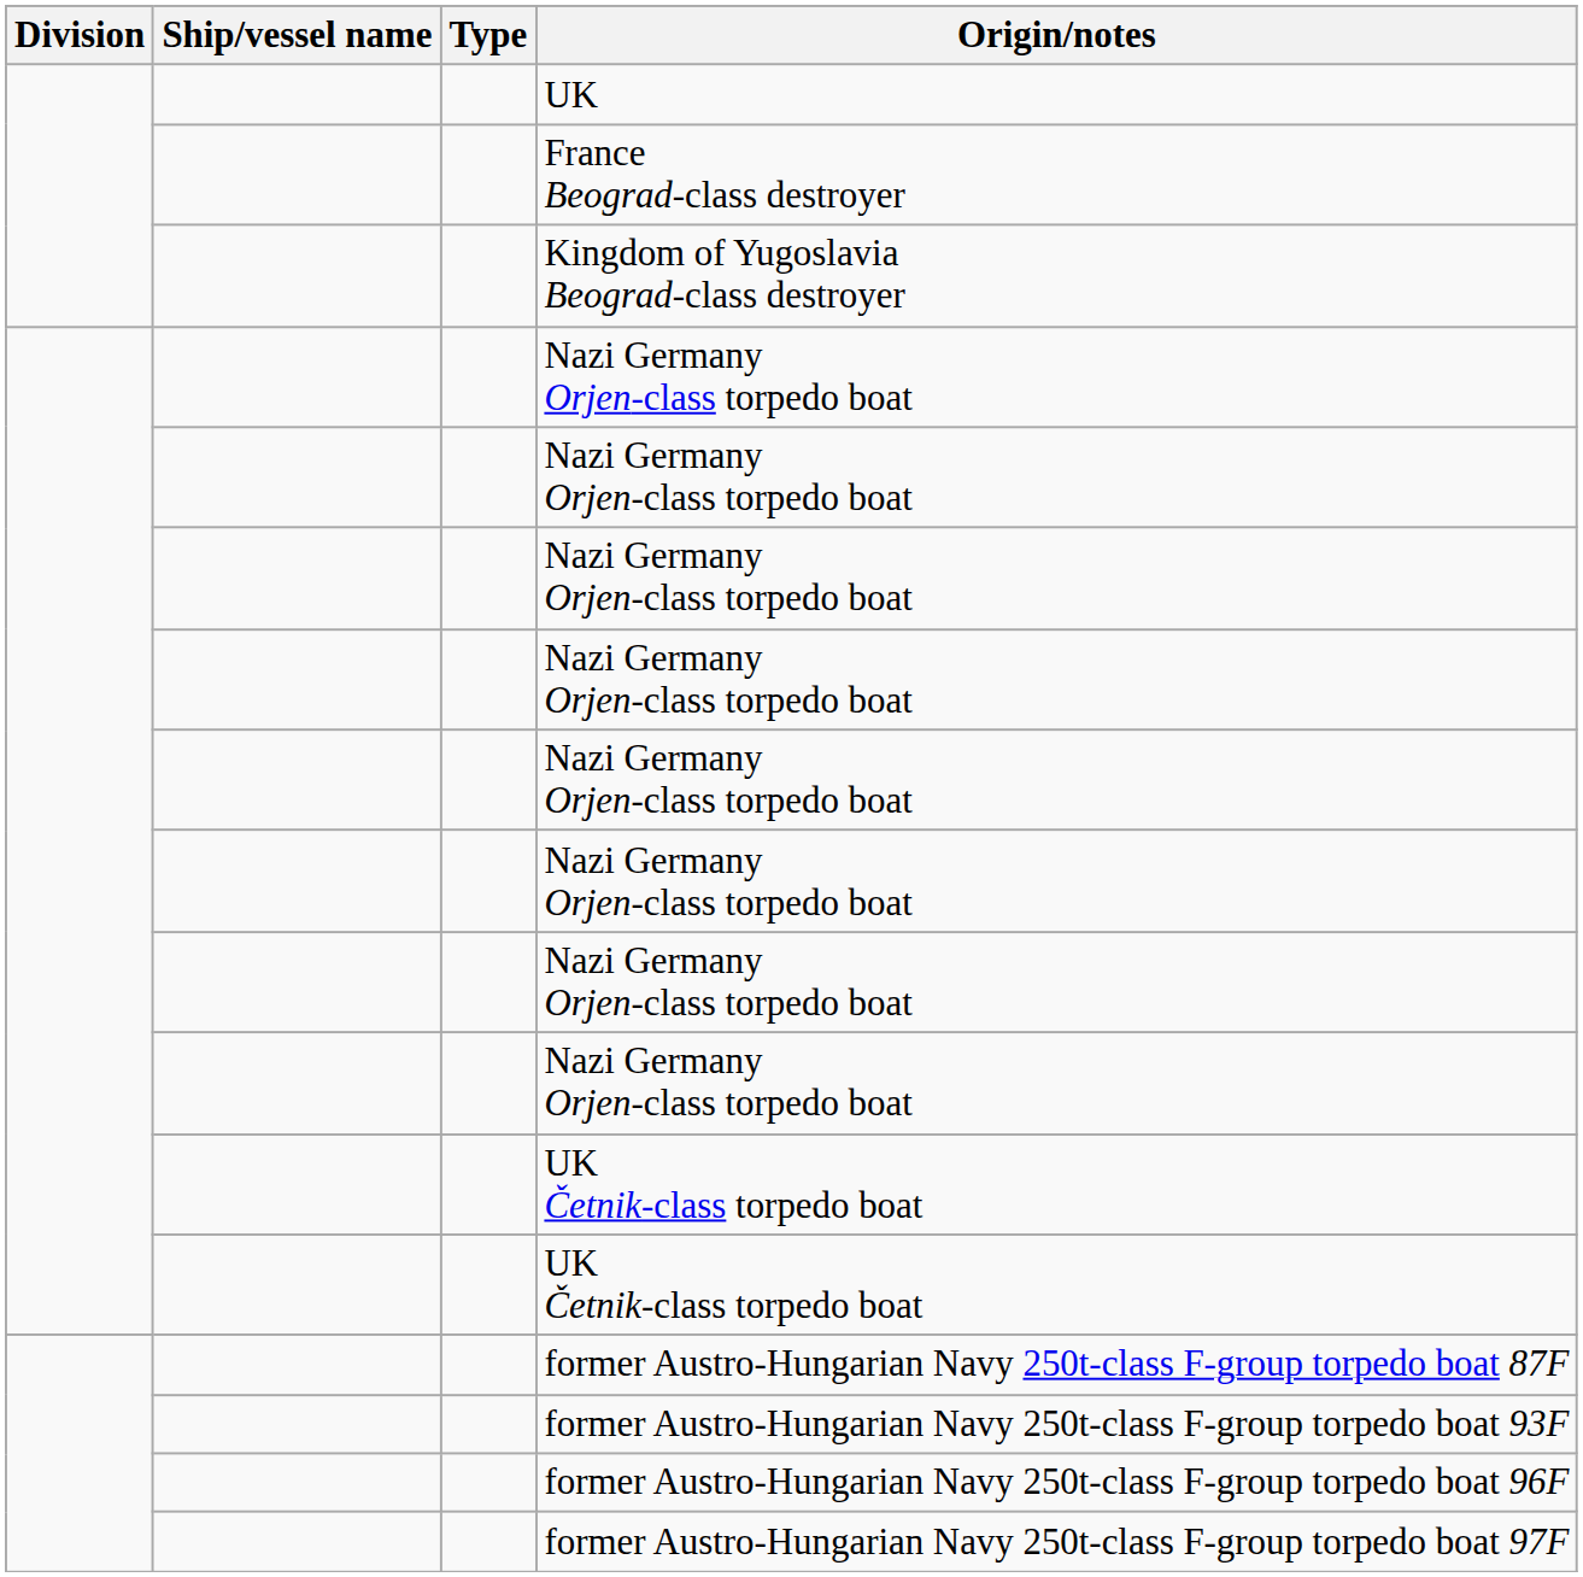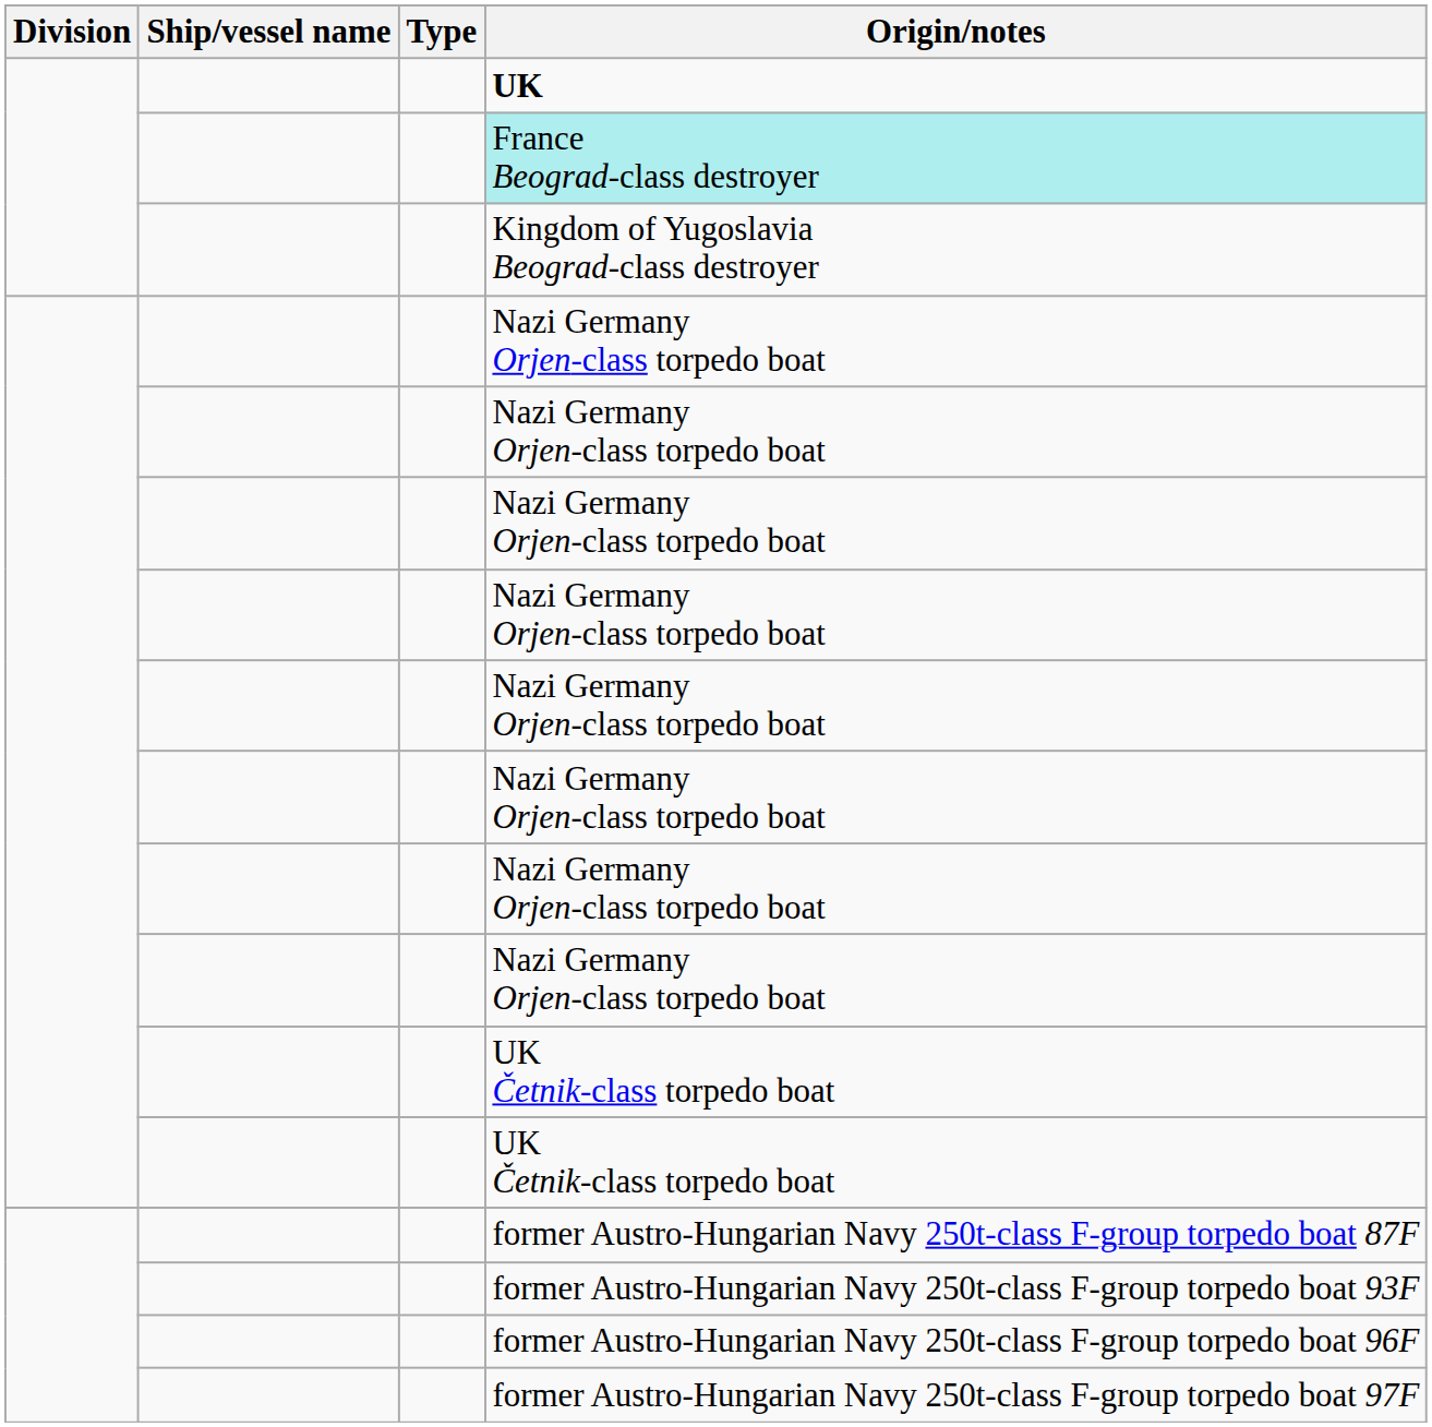 <table class="wikitable">
 <tr>
 <th scope="col">Division</th>
 <th scope="col">Ship/vessel name</th>
 <th scope="col">Type</th>
 <th scope="col">Origin/notes</th>
 </tr>
 <tr>
 <td rowspan=3></td>
 <td></td>
 <td></td>
-<td>UK</td>
+<td><strong>UK</strong></td>
 </tr>
 <tr>
 <td></td>
 <td></td>
-<td>France<br><em>Beograd</em>-class destroyer</td>
+<td style="background: paleturquoise;">France<br><em>Beograd</em>-class destroyer</td>
 </tr>
 <tr>
 <td></td>
 <td></td>
 <td>Kingdom of Yugoslavia<br><em>Beograd</em>-class destroyer</td>
 </tr>
 <tr>
 <td rowspan=10></td>
 <td></td>
 <td></td>
 <td>Nazi Germany<br><a href='#'><em>Orjen</em>-class</a> torpedo boat</td>
 </tr>
 <tr>
 <td></td>
 <td></td>
 <td>Nazi Germany<br><em>Orjen</em>-class torpedo boat</td>
 </tr>
 <tr>
 <td></td>
 <td></td>
 <td>Nazi Germany<br><em>Orjen</em>-class torpedo boat</td>
 </tr>
 <tr>
 <td></td>
 <td></td>
 <td>Nazi Germany<br><em>Orjen</em>-class torpedo boat</td>
 </tr>
 <tr>
 <td></td>
 <td></td>
 <td>Nazi Germany<br><em>Orjen</em>-class torpedo boat</td>
 </tr>
 <tr>
 <td></td>
 <td></td>
 <td>Nazi Germany<br><em>Orjen</em>-class torpedo boat</td>
 </tr>
 <tr>
 <td></td>
 <td></td>
 <td>Nazi Germany<br><em>Orjen</em>-class torpedo boat</td>
 </tr>
 <tr>
 <td></td>
 <td></td>
 <td>Nazi Germany<br><em>Orjen</em>-class torpedo boat</td>
 </tr>
 <tr>
 <td></td>
 <td></td>
 <td>UK<br><a href='#'><em>Četnik</em>-class</a> torpedo boat</td>
 </tr>
 <tr>
 <td></td>
 <td></td>
 <td>UK<br><em>Četnik</em>-class torpedo boat</td>
 </tr>
 <tr>
 <td rowspan=4></td>
 <td></td>
 <td></td>
 <td>former Austro-Hungarian Navy <a href='#'>250t-class F-group torpedo boat</a>  <em>87F</em></td>
 </tr>
 <tr>
 <td></td>
 <td></td>
 <td>former Austro-Hungarian Navy 250t-class F-group torpedo boat <em>93F</em></td>
 </tr>
 <tr>
 <td></td>
 <td></td>
 <td>former Austro-Hungarian Navy 250t-class F-group torpedo boat <em>96F</em></td>
 </tr>
 <tr>
 <td></td>
 <td></td>
 <td>former Austro-Hungarian Navy 250t-class F-group torpedo boat <em>97F</em></td>
 </tr>
 <tr>
 </tr>
 </table>
